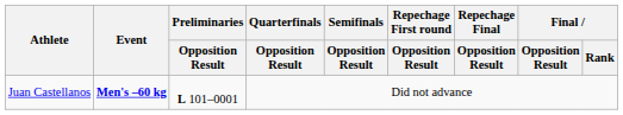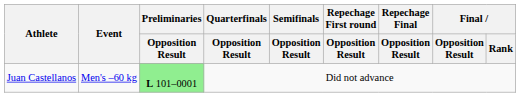 <table class="wikitable" style="font-size:90%">
 <tr>
 <th rowspan="2">Athlete</th>
 <th rowspan="2">Event</th>
 <th>Preliminaries</th>
 <th>Quarterfinals</th>
 <th>Semifinals</th>
 <th>Repechage<br>First round</th>
 <th>Repechage<br>Final</th>
 <th colspan="2">Final / </th>
 </tr>
 <tr>
 <th>Opposition<br>Result</th>
 <th>Opposition<br>Result</th>
 <th>Opposition<br>Result</th>
 <th>Opposition<br>Result</th>
 <th>Opposition<br>Result</th>
 <th>Opposition<br>Result</th>
 <th>Rank</th>
 </tr>
 <tr>
 <td><a href='#'>Juan Castellanos</a></td>
-<td><strong><a href='#'>Men's –60 kg</a></strong></td>
-<td align="center"><br><strong>L</strong> 101–0001</td>
+<td><a href='#'>Men's –60 kg</a></td>
+<td align="center" style="background: lightgreen;"><br><strong>L</strong> 101–0001</td>
 <td align="center" colspan=6>Did not advance</td>
 </tr>
 </table>
